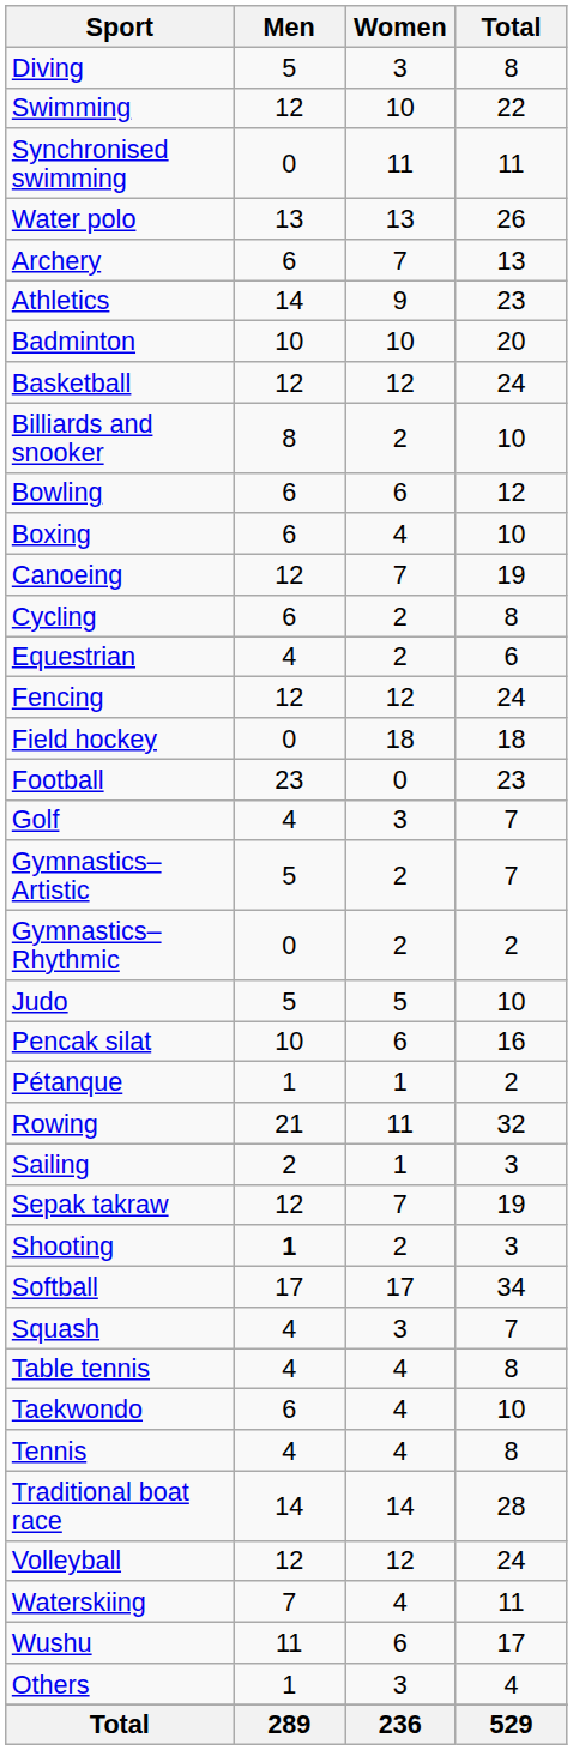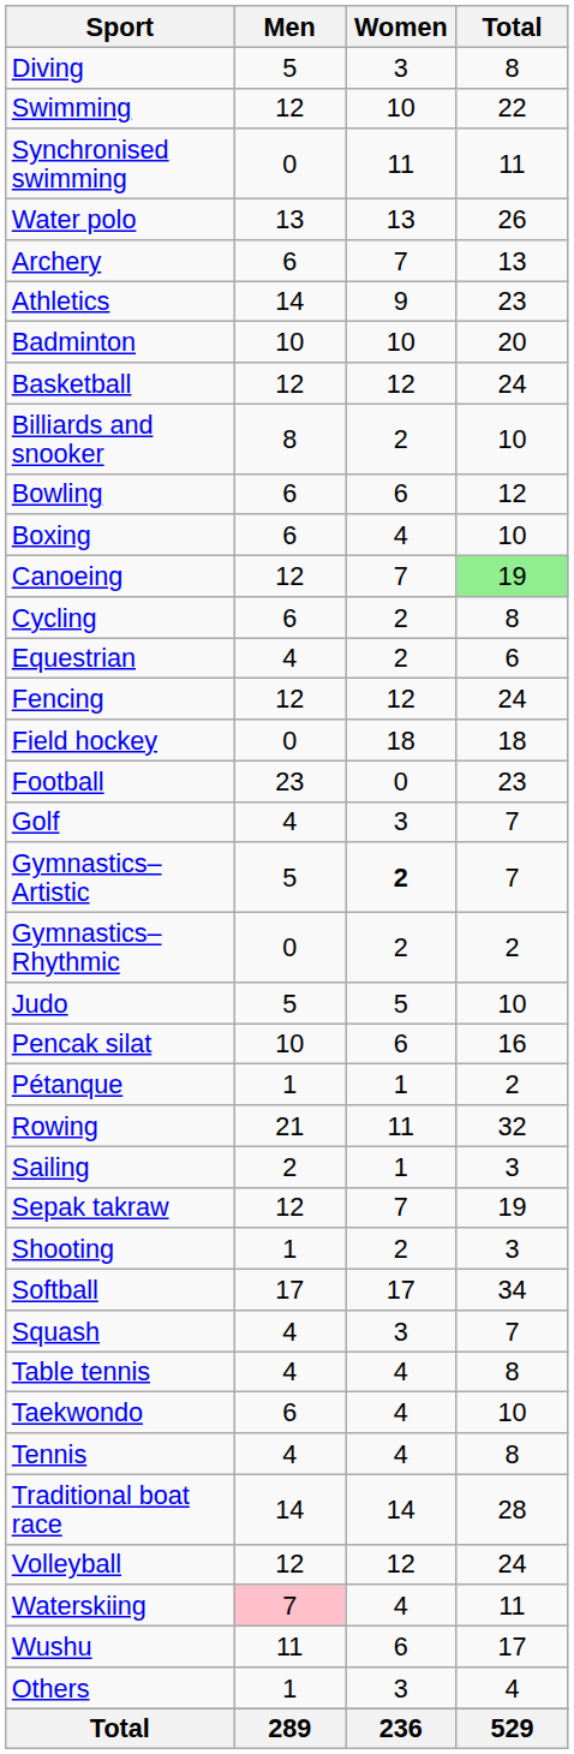 <table class="wikitable sortable" style="font-size:90%; text-align:center;">
 <tr>
 <th width=120>Sport</th>
 <th width=55>Men</th>
 <th width=55>Women</th>
 <th width=55>Total</th>
 </tr>
 <tr>
 <td align=left><a href='#'>Diving</a></td>
 <td>5</td>
 <td>3</td>
 <td>8</td>
 </tr>
 <tr>
 <td align=left><a href='#'>Swimming</a></td>
 <td>12</td>
 <td>10</td>
 <td>22</td>
 </tr>
 <tr>
 <td align=left><a href='#'>Synchronised swimming</a></td>
 <td>0</td>
 <td>11</td>
 <td>11</td>
 </tr>
 <tr>
 <td align=left><a href='#'>Water polo</a></td>
 <td>13</td>
 <td>13</td>
 <td>26</td>
 </tr>
 <tr>
 <td align=left><a href='#'>Archery</a></td>
 <td>6</td>
 <td>7</td>
 <td>13</td>
 </tr>
 <tr>
 <td align=left><a href='#'>Athletics</a></td>
 <td>14</td>
 <td>9</td>
 <td>23</td>
 </tr>
 <tr>
 <td align=left><a href='#'>Badminton</a></td>
 <td>10</td>
 <td>10</td>
 <td>20</td>
 </tr>
 <tr>
 <td align=left><a href='#'>Basketball</a></td>
 <td>12</td>
 <td>12</td>
 <td>24</td>
 </tr>
 <tr>
 <td align=left><a href='#'>Billiards and snooker</a></td>
 <td>8</td>
 <td>2</td>
 <td>10</td>
 </tr>
 <tr>
 <td align=left><a href='#'>Bowling</a></td>
 <td>6</td>
 <td>6</td>
 <td>12</td>
 </tr>
 <tr>
 <td align=left><a href='#'>Boxing</a></td>
 <td>6</td>
 <td>4</td>
 <td>10</td>
 </tr>
 <tr>
 <td align=left><a href='#'>Canoeing</a></td>
 <td>12</td>
 <td>7</td>
-<td>19</td>
+<td style="background: lightgreen;">19</td>
 </tr>
 <tr>
 <td align=left><a href='#'>Cycling</a></td>
 <td>6</td>
 <td>2</td>
 <td>8</td>
 </tr>
 <tr>
 <td align=left><a href='#'>Equestrian</a></td>
 <td>4</td>
 <td>2</td>
 <td>6</td>
 </tr>
 <tr>
 <td align=left><a href='#'>Fencing</a></td>
 <td>12</td>
 <td>12</td>
 <td>24</td>
 </tr>
 <tr>
 <td align=left><a href='#'>Field hockey</a></td>
 <td>0</td>
 <td>18</td>
 <td>18</td>
 </tr>
 <tr>
 <td align=left><a href='#'>Football</a></td>
 <td>23</td>
 <td>0</td>
 <td>23</td>
 </tr>
 <tr>
 <td align=left><a href='#'>Golf</a></td>
 <td>4</td>
 <td>3</td>
 <td>7</td>
 </tr>
 <tr>
 <td align=left><a href='#'>Gymnastics–Artistic</a></td>
 <td>5</td>
-<td>2</td>
+<td><strong>2</strong></td>
 <td>7</td>
 </tr>
 <tr>
 <td align=left><a href='#'>Gymnastics–Rhythmic</a></td>
 <td>0</td>
 <td>2</td>
 <td>2</td>
 </tr>
 <tr>
 <td align=left><a href='#'>Judo</a></td>
 <td>5</td>
 <td>5</td>
 <td>10</td>
 </tr>
 <tr>
 <td align=left><a href='#'>Pencak silat</a></td>
 <td>10</td>
 <td>6</td>
 <td>16</td>
 </tr>
 <tr>
 <td align=left><a href='#'>Pétanque</a></td>
 <td>1</td>
 <td>1</td>
 <td>2</td>
 </tr>
 <tr>
 <td align=left><a href='#'>Rowing</a></td>
 <td>21</td>
 <td>11</td>
 <td>32</td>
 </tr>
 <tr>
 <td align=left><a href='#'>Sailing</a></td>
 <td>2</td>
 <td>1</td>
 <td>3</td>
 </tr>
 <tr>
 <td align=left><a href='#'>Sepak takraw</a></td>
 <td>12</td>
 <td>7</td>
 <td>19</td>
 </tr>
 <tr>
 <td align=left><a href='#'>Shooting</a></td>
-<td><strong>1</strong></td>
+<td>1</td>
 <td>2</td>
 <td>3</td>
 </tr>
 <tr>
 <td align=left><a href='#'>Softball</a></td>
 <td>17</td>
 <td>17</td>
 <td>34</td>
 </tr>
 <tr>
 <td align=left><a href='#'>Squash</a></td>
 <td>4</td>
 <td>3</td>
 <td>7</td>
 </tr>
 <tr>
 <td align=left><a href='#'>Table tennis</a></td>
 <td>4</td>
 <td>4</td>
 <td>8</td>
 </tr>
 <tr>
 <td align=left><a href='#'>Taekwondo</a></td>
 <td>6</td>
 <td>4</td>
 <td>10</td>
 </tr>
 <tr>
 <td align=left><a href='#'>Tennis</a></td>
 <td>4</td>
 <td>4</td>
 <td>8</td>
 </tr>
 <tr>
 <td align=left><a href='#'>Traditional boat race</a></td>
 <td>14</td>
 <td>14</td>
 <td>28</td>
 </tr>
 <tr>
 <td align=left><a href='#'>Volleyball</a></td>
 <td>12</td>
 <td>12</td>
 <td>24</td>
 </tr>
 <tr>
 <td align=left><a href='#'>Waterskiing</a></td>
-<td>7</td>
+<td style="background: pink;">7</td>
 <td>4</td>
 <td>11</td>
 </tr>
 <tr>
 <td align=left><a href='#'>Wushu</a></td>
 <td>11</td>
 <td>6</td>
 <td>17</td>
 </tr>
 <tr>
 <td align=left><a href='#'>Others</a></td>
 <td>1</td>
 <td>3</td>
 <td>4</td>
 </tr>
 <tr>
 </tr>
 <tr class="sortbottom">
 <th>Total</th>
 <th>289</th>
 <th>236</th>
 <th>529</th>
 </tr>
 </table>
